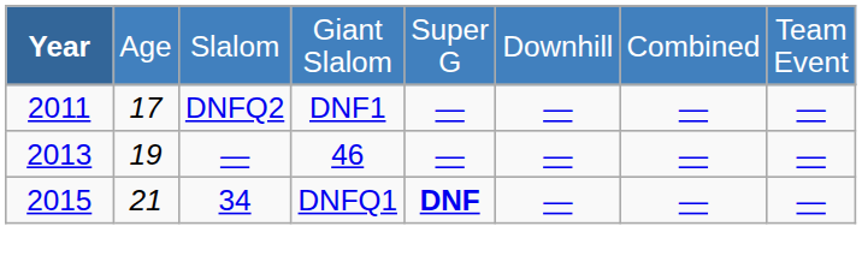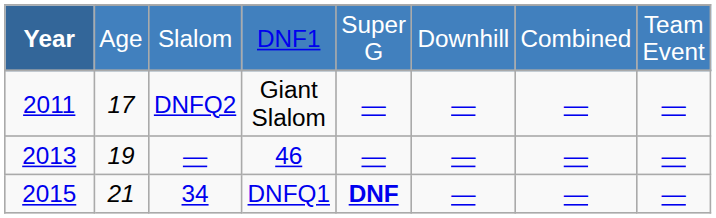 <table class="wikitable" style="font-size:95%; text-align:center; border:grey solid 1px; border-collapse:collapse;" width="50%">
 <tr style="background-color:#369; color:white;">
 <td rowspan="2" colspan="1" width="15%"><strong>Year</strong></td>
 </tr>
 <tr style="background-color:#4180be; color:white;">
 <td width="5%">Age</td>
 <td width="5%">Slalom</td>
-<td width="5%">Giant<br>Slalom</td>
+<td><a href='#'>DNF1</a></td>
 <td width="5%">Super G</td>
 <td width="5%">Downhill</td>
 <td width="5%">Combined</td>
 <td width="5%">Team Event</td>
 </tr>
 <tr style="background-color:#8CB2D8; color:white;">
 </tr>
 <tr>
 <td><a href='#'>2011</a></td>
 <td><em>17</em></td>
 <td><a href='#'>DNFQ2</a></td>
-<td><a href='#'>DNF1</a></td>
+<td width="5%">Giant<br>Slalom</td>
 <td><a href='#'>—</a></td>
 <td><a href='#'>—</a></td>
 <td><a href='#'>—</a></td>
 <td><a href='#'>—</a></td>
 </tr>
 <tr>
 <td><a href='#'>2013</a></td>
 <td><em>19</em></td>
 <td><a href='#'>—</a></td>
 <td><a href='#'>46</a></td>
 <td><a href='#'>—</a></td>
 <td><a href='#'>—</a></td>
 <td><a href='#'>—</a></td>
 <td><a href='#'>—</a></td>
 </tr>
 <tr>
 <td><a href='#'>2015</a></td>
 <td><em>21</em></td>
 <td><a href='#'>34</a></td>
 <td><a href='#'>DNFQ1</a></td>
 <td><strong><a href='#'>DNF</a></strong></td>
 <td><a href='#'>—</a></td>
 <td><a href='#'>—</a></td>
 <td><a href='#'>—</a></td>
 </tr>
 </table>
